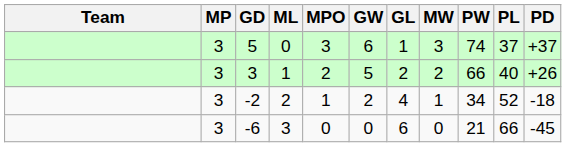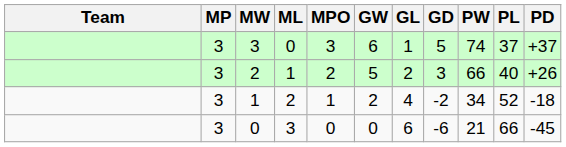 <table class=wikitable style="text-align:center">
 <tr>
 <th width=175>Team</th>
 <th width=20>MP</th>
-<th width=20>GD</th>
+<th width=20>MW</th>
 <th width=20>ML</th>
 <th width=20>MPO</th>
 <th width=20>GW</th>
 <th width=20>GL</th>
-<th width=20>MW</th>
+<th width=20>GD</th>
 <th width=20>PW</th>
 <th width=20>PL</th>
 <th width=20>PD</th>
 </tr>
 <tr bgcolor="#ccffcc">
 <td align=left><strong><br></strong></td>
 <td>3</td>
-<td>5</td>
+<td>3</td>
 <td>0</td>
 <td>3</td>
 <td>6</td>
 <td>1</td>
-<td>3</td>
+<td>5</td>
 <td>74</td>
 <td>37</td>
 <td>+37</td>
 </tr>
 <tr bgcolor="#ccffcc">
 <td align=left><strong><br></strong></td>
 <td>3</td>
-<td>3</td>
+<td>2</td>
 <td>1</td>
 <td>2</td>
 <td>5</td>
 <td>2</td>
-<td>2</td>
+<td>3</td>
 <td>66</td>
 <td>40</td>
 <td>+26</td>
 </tr>
 <tr>
 <td align=left><br></td>
 <td>3</td>
-<td>-2</td>
+<td>1</td>
 <td>2</td>
 <td>1</td>
 <td>2</td>
 <td>4</td>
-<td>1</td>
+<td>-2</td>
 <td>34</td>
 <td>52</td>
 <td>-18</td>
 </tr>
 <tr>
 <td align=left><br></td>
 <td>3</td>
-<td>-6</td>
+<td>0</td>
 <td>3</td>
 <td>0</td>
 <td>0</td>
 <td>6</td>
-<td>0</td>
+<td>-6</td>
 <td>21</td>
 <td>66</td>
 <td>-45</td>
 </tr>
 </table>
